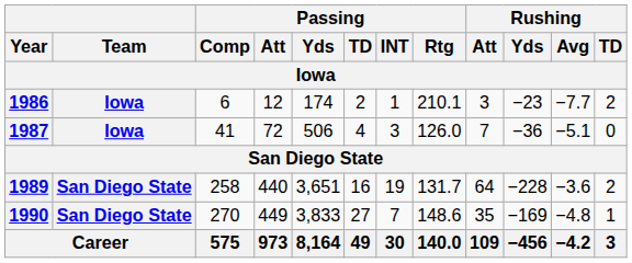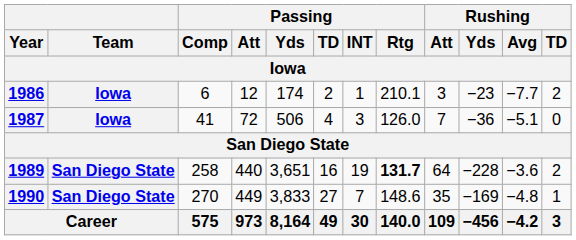 <table class="wikitable" style="text-align:center;">
 <tr>
 <th colspan="2"></th>
 <th colspan="6">Passing</th>
 <th colspan="4">Rushing</th>
 </tr>
 <tr>
 <th>Year</th>
 <th>Team</th>
 <th>Comp</th>
 <th>Att</th>
 <th>Yds</th>
 <th>TD</th>
 <th>INT</th>
 <th>Rtg</th>
 <th>Att</th>
 <th>Yds</th>
 <th>Avg</th>
 <th>TD</th>
 </tr>
 <tr>
 <th colspan="12">Iowa</th>
 </tr>
 <tr>
 <th><a href='#'>1986</a></th>
 <th><a href='#'>Iowa</a></th>
 <td>6</td>
 <td>12</td>
 <td>174</td>
 <td>2</td>
 <td>1</td>
 <td>210.1</td>
 <td>3</td>
 <td>−23</td>
 <td>−7.7</td>
 <td>2</td>
 </tr>
 <tr>
 <th><a href='#'>1987</a></th>
 <th><a href='#'>Iowa</a></th>
 <td>41</td>
 <td>72</td>
 <td>506</td>
 <td>4</td>
 <td>3</td>
 <td>126.0</td>
 <td>7</td>
 <td>−36</td>
 <td>−5.1</td>
 <td>0</td>
 </tr>
 <tr>
 <th colspan="12">San Diego State</th>
 </tr>
 <tr>
 <th><a href='#'>1989</a></th>
 <th><a href='#'>San Diego State</a></th>
 <td>258</td>
 <td>440</td>
 <td>3,651</td>
 <td>16</td>
 <td>19</td>
-<td>131.7</td>
+<td><strong>131.7</strong></td>
 <td>64</td>
 <td>−228</td>
 <td>−3.6</td>
 <td>2</td>
 </tr>
 <tr>
 <th><a href='#'>1990</a></th>
 <th><a href='#'>San Diego State</a></th>
 <td>270</td>
 <td>449</td>
 <td>3,833</td>
 <td>27</td>
 <td>7</td>
 <td>148.6</td>
 <td>35</td>
 <td>−169</td>
 <td>−4.8</td>
 <td>1</td>
 </tr>
 <tr style="background:#eee;">
 <th colspan=2><strong>Career</strong></th>
 <th>575</th>
 <th>973</th>
 <th>8,164</th>
 <th>49</th>
 <th>30</th>
 <th>140.0</th>
 <th>109</th>
 <th>−456</th>
 <th>−4.2</th>
 <th>3</th>
 </tr>
 </table>
